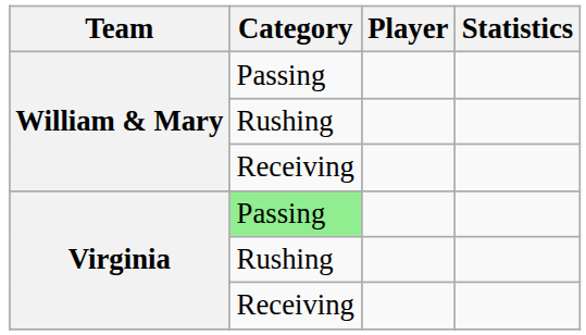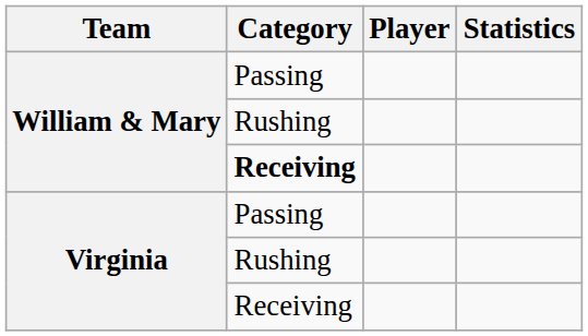 <table class="wikitable" style="float:right">
 <tr>
 <th>Team</th>
 <th>Category</th>
 <th>Player</th>
 <th>Statistics</th>
 </tr>
 <tr>
 <th rowspan=3>William & Mary</th>
 <td>Passing</td>
 <td></td>
 <td></td>
 </tr>
 <tr>
 <td>Rushing</td>
 <td></td>
 <td></td>
 </tr>
 <tr>
-<td>Receiving</td>
+<td><strong>Receiving</strong></td>
 <td></td>
 <td></td>
 </tr>
 <tr>
 <th rowspan=3>Virginia</th>
-<td style="background: lightgreen;">Passing</td>
+<td>Passing</td>
 <td></td>
 <td></td>
 </tr>
 <tr>
 <td>Rushing</td>
 <td></td>
 <td></td>
 </tr>
 <tr>
 <td>Receiving</td>
 <td></td>
 <td></td>
 </tr>
 </table>
